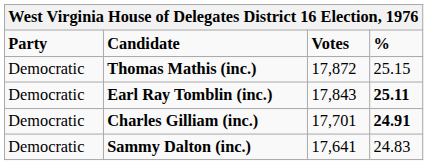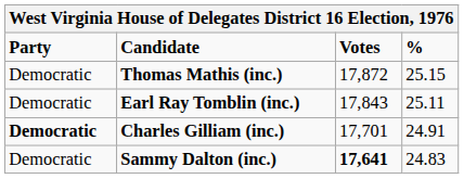 <table class="wikitable">
 <tr>
 <th colspan="4">West Virginia House of Delegates District 16 Election, 1976</th>
 </tr>
 <tr>
 <td><strong>Party</strong></td>
 <td><strong>Candidate</strong></td>
 <td><strong>Votes</strong></td>
 <td><strong>%</strong></td>
 </tr>
 <tr>
 <td>Democratic</td>
 <td><strong>Thomas Mathis (inc.)</strong></td>
 <td>17,872</td>
 <td>25.15</td>
 </tr>
 <tr>
 <td>Democratic</td>
 <td><strong>Earl Ray Tomblin (inc.)</strong></td>
 <td>17,843</td>
-<td><strong>25.11</strong></td>
+<td>25.11</td>
 </tr>
 <tr>
-<td>Democratic</td>
+<td><strong>Democratic</strong></td>
 <td><strong>Charles Gilliam (inc.)</strong></td>
 <td>17,701</td>
-<td><strong>24.91</strong></td>
+<td>24.91</td>
 </tr>
 <tr>
 <td>Democratic</td>
 <td><strong>Sammy Dalton (inc.)</strong></td>
-<td>17,641</td>
+<td><strong>17,641</strong></td>
 <td>24.83</td>
 </tr>
 </table>
